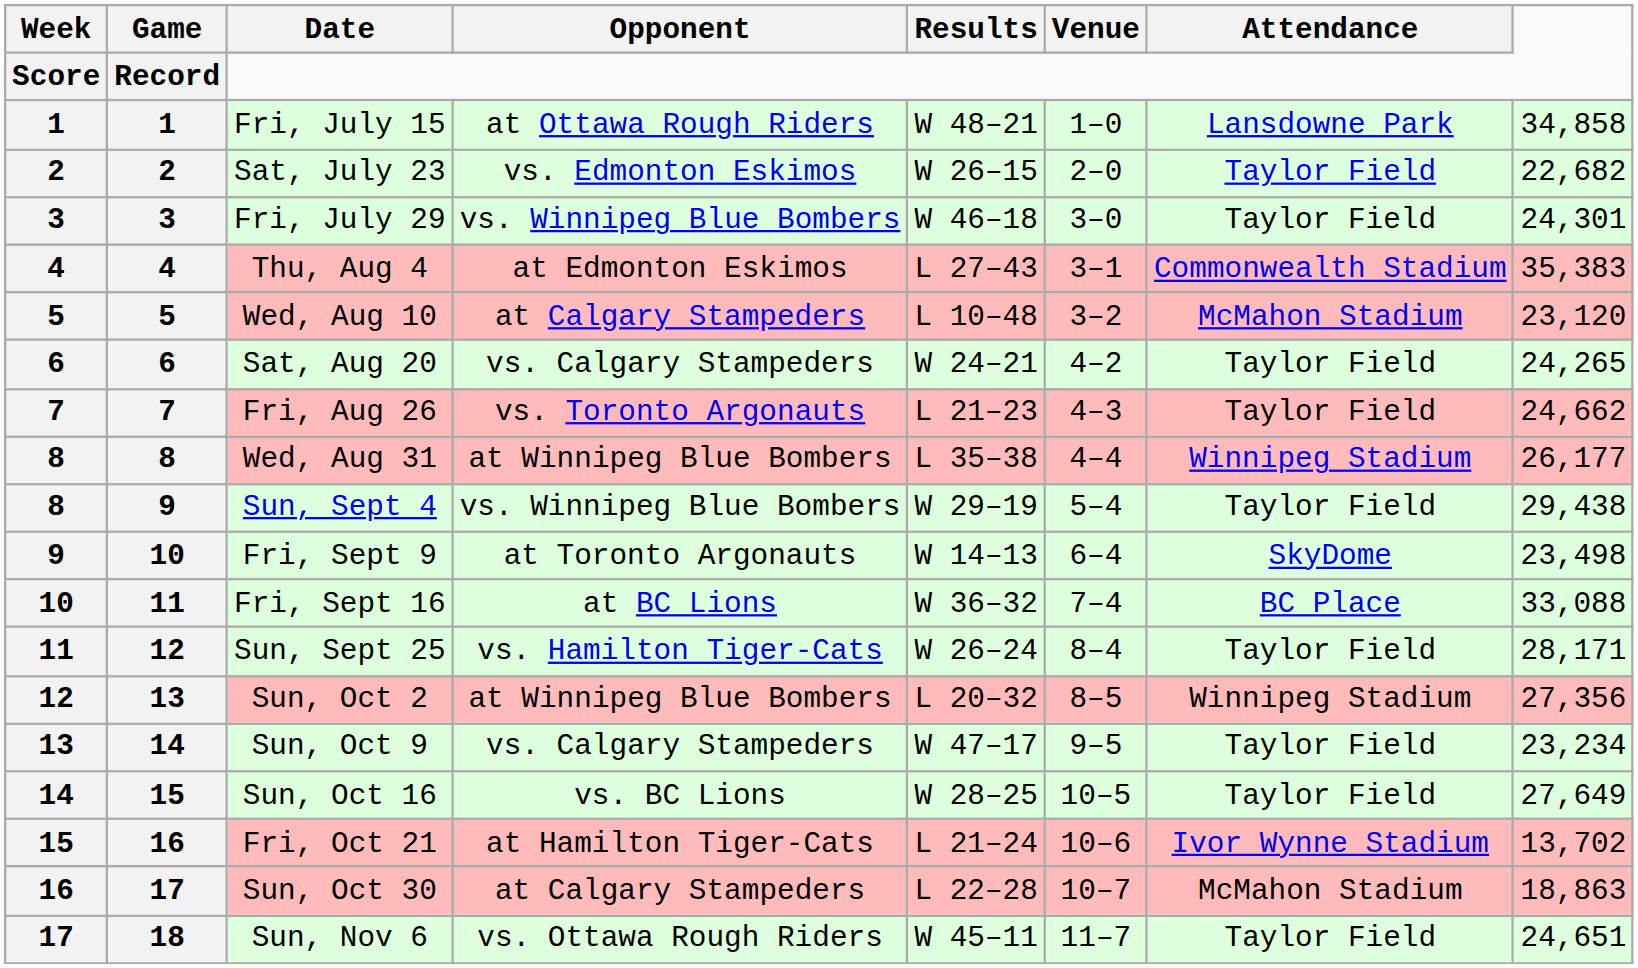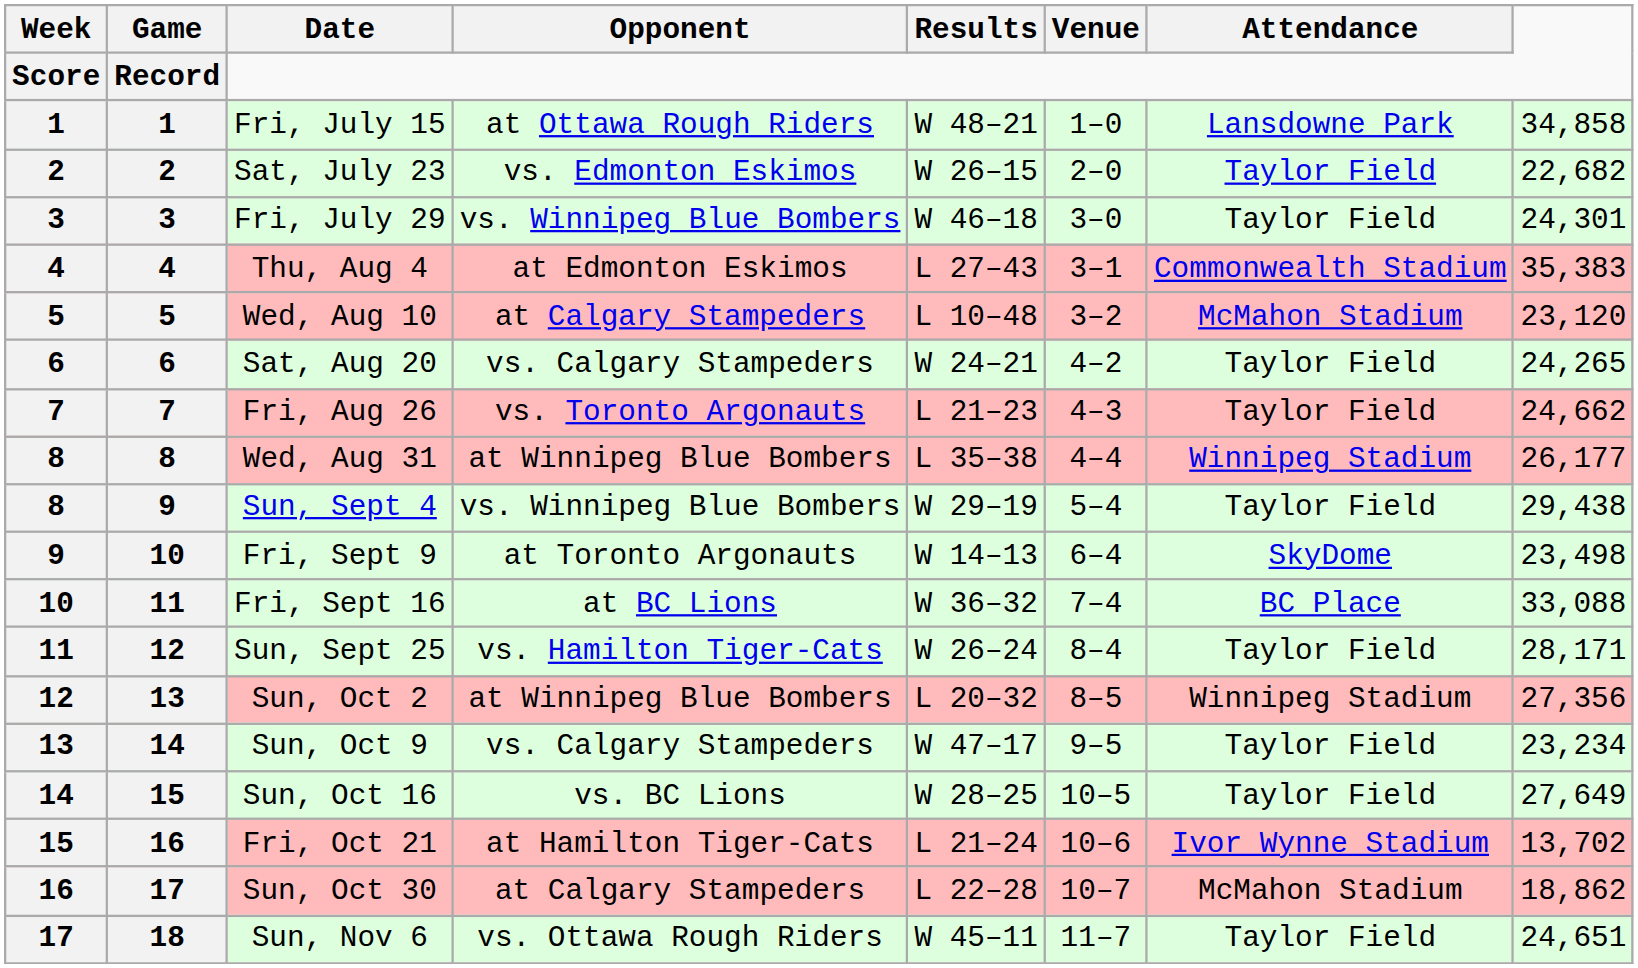 <table class="wikitable" style="text-align:center">
 <tr>
 <th>Week</th>
 <th>Game</th>
 <th>Date</th>
 <th>Opponent</th>
 <th>Results</th>
 <th>Venue</th>
 <th>Attendance</th>
 </tr>
 <tr>
 <th>Score</th>
 <th>Record</th>
 </tr>
 <tr style="background:#ddffdd">
 <th>1</th>
 <th>1</th>
 <td>Fri, July 15</td>
 <td>at <a href='#'>Ottawa Rough Riders</a></td>
 <td>W 48–21</td>
 <td>1–0</td>
 <td><a href='#'>Lansdowne Park</a></td>
 <td>34,858</td>
 </tr>
 <tr style="background:#ddffdd">
 <th>2</th>
 <th>2</th>
 <td>Sat, July 23</td>
 <td>vs. <a href='#'>Edmonton Eskimos</a></td>
 <td>W 26–15</td>
 <td>2–0</td>
 <td><a href='#'>Taylor Field</a></td>
 <td>22,682</td>
 </tr>
 <tr style="background:#ddffdd">
 <th>3</th>
 <th>3</th>
 <td>Fri, July 29</td>
 <td>vs. <a href='#'>Winnipeg Blue Bombers</a></td>
 <td>W 46–18</td>
 <td>3–0</td>
 <td>Taylor Field</td>
 <td>24,301</td>
 </tr>
 <tr style="background:#ffbbbb">
 <th>4</th>
 <th>4</th>
 <td>Thu, Aug 4</td>
 <td>at Edmonton Eskimos</td>
 <td>L 27–43</td>
 <td>3–1</td>
 <td><a href='#'>Commonwealth Stadium</a></td>
 <td>35,383</td>
 </tr>
 <tr style="background:#ffbbbb">
 <th>5</th>
 <th>5</th>
 <td>Wed, Aug 10</td>
 <td>at <a href='#'>Calgary Stampeders</a></td>
 <td>L 10–48</td>
 <td>3–2</td>
 <td><a href='#'>McMahon Stadium</a></td>
 <td>23,120</td>
 </tr>
 <tr style="background:#ddffdd">
 <th>6</th>
 <th>6</th>
 <td>Sat, Aug 20</td>
 <td>vs. Calgary Stampeders</td>
 <td>W 24–21</td>
 <td>4–2</td>
 <td>Taylor Field</td>
 <td>24,265</td>
 </tr>
 <tr style="background:#ffbbbb">
 <th>7</th>
 <th>7</th>
 <td>Fri, Aug 26</td>
 <td>vs. <a href='#'>Toronto Argonauts</a></td>
 <td>L 21–23</td>
 <td>4–3</td>
 <td>Taylor Field</td>
 <td>24,662</td>
 </tr>
 <tr style="background:#ffbbbb">
 <th>8</th>
 <th>8</th>
 <td>Wed, Aug 31</td>
 <td>at Winnipeg Blue Bombers</td>
 <td>L 35–38</td>
 <td>4–4</td>
 <td><a href='#'>Winnipeg Stadium</a></td>
 <td>26,177</td>
 </tr>
 <tr style="background:#ddffdd">
 <th>8</th>
 <th>9</th>
 <td><a href='#'>Sun, Sept 4</a></td>
 <td>vs. Winnipeg Blue Bombers</td>
 <td>W 29–19</td>
 <td>5–4</td>
 <td>Taylor Field</td>
 <td>29,438</td>
 </tr>
 <tr style="background:#ddffdd">
 <th>9</th>
 <th>10</th>
 <td>Fri, Sept 9</td>
 <td>at Toronto Argonauts</td>
 <td>W 14–13</td>
 <td>6–4</td>
 <td><a href='#'>SkyDome</a></td>
 <td>23,498</td>
 </tr>
 <tr style="background:#ddffdd">
 <th>10</th>
 <th>11</th>
 <td>Fri, Sept 16</td>
 <td>at <a href='#'>BC Lions</a></td>
 <td>W 36–32</td>
 <td>7–4</td>
 <td><a href='#'>BC Place</a></td>
 <td>33,088</td>
 </tr>
 <tr style="background:#ddffdd">
 <th>11</th>
 <th>12</th>
 <td>Sun, Sept 25</td>
 <td>vs. <a href='#'>Hamilton Tiger-Cats</a></td>
 <td>W 26–24</td>
 <td>8–4</td>
 <td>Taylor Field</td>
 <td>28,171</td>
 </tr>
 <tr style="background:#ffbbbb">
 <th>12</th>
 <th>13</th>
 <td>Sun, Oct 2</td>
 <td>at Winnipeg Blue Bombers</td>
 <td>L 20–32</td>
 <td>8–5</td>
 <td>Winnipeg Stadium</td>
 <td>27,356</td>
 </tr>
 <tr style="background:#ddffdd">
 <th>13</th>
 <th>14</th>
 <td>Sun, Oct 9</td>
 <td>vs. Calgary Stampeders</td>
 <td>W 47–17</td>
 <td>9–5</td>
 <td>Taylor Field</td>
 <td>23,234</td>
 </tr>
 <tr style="background:#ddffdd">
 <th>14</th>
 <th>15</th>
 <td>Sun, Oct 16</td>
 <td>vs. BC Lions</td>
 <td>W 28–25</td>
 <td>10–5</td>
 <td>Taylor Field</td>
 <td>27,649</td>
 </tr>
 <tr style="background:#ffbbbb">
 <th>15</th>
 <th>16</th>
 <td>Fri, Oct 21</td>
 <td>at Hamilton Tiger-Cats</td>
 <td>L 21–24</td>
 <td>10–6</td>
 <td><a href='#'>Ivor Wynne Stadium</a></td>
 <td>13,702</td>
 </tr>
 <tr style="background:#ffbbbb">
 <th>16</th>
 <th>17</th>
 <td>Sun, Oct 30</td>
 <td>at Calgary Stampeders</td>
 <td>L 22–28</td>
 <td>10–7</td>
 <td>McMahon Stadium</td>
-<td>18,863</td>
+<td>18,862</td>
 </tr>
 <tr style="background:#ddffdd">
 <th>17</th>
 <th>18</th>
 <td>Sun, Nov 6</td>
 <td>vs. Ottawa Rough Riders</td>
 <td>W 45–11</td>
 <td>11–7</td>
 <td>Taylor Field</td>
 <td>24,651</td>
 </tr>
 </table>
